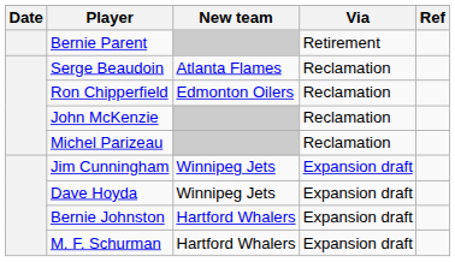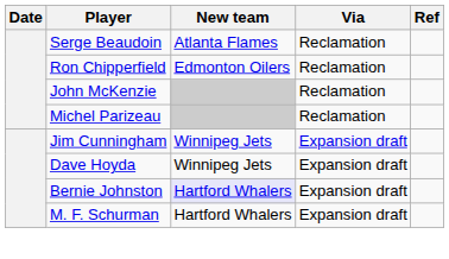 <table class="wikitable plainrowheaders">
 <tr style="background:#ddd; text-align:center;">
 <th>Date</th>
 <th>Player</th>
 <th>New team</th>
 <th>Via</th>
 <th>Ref</th>
-</tr>
-<tr>
-<th scope="row"></th>
-<td><a href='#'>Bernie Parent</a></td>
-<td style="background:#ccc"></td>
-<td>Retirement</td>
-<td></td>
 </tr>
 <tr>
 <th scope="row" rowspan="4"></th>
 <td><a href='#'>Serge Beaudoin</a></td>
 <td><a href='#'>Atlanta Flames</a></td>
 <td>Reclamation</td>
 <td></td>
 </tr>
 <tr>
 <td><a href='#'>Ron Chipperfield</a></td>
 <td><a href='#'>Edmonton Oilers</a></td>
 <td>Reclamation</td>
 <td></td>
 </tr>
 <tr>
 <td><a href='#'>John McKenzie</a></td>
 <td style="background:#ccc"></td>
 <td>Reclamation</td>
 <td></td>
 </tr>
 <tr>
 <td><a href='#'>Michel Parizeau</a></td>
 <td style="background:#ccc"></td>
 <td>Reclamation</td>
 <td></td>
 </tr>
 <tr>
 <th scope="row" rowspan="4"></th>
 <td><a href='#'>Jim Cunningham</a></td>
 <td><a href='#'>Winnipeg Jets</a></td>
 <td><a href='#'>Expansion draft</a></td>
 <td></td>
 </tr>
 <tr>
 <td><a href='#'>Dave Hoyda</a></td>
 <td>Winnipeg Jets</td>
 <td>Expansion draft</td>
 <td></td>
 </tr>
 <tr>
 <td><a href='#'>Bernie Johnston</a></td>
-<td><a href='#'>Hartford Whalers</a></td>
+<td style="background: lavender;"><a href='#'>Hartford Whalers</a></td>
 <td>Expansion draft</td>
 <td></td>
 </tr>
 <tr>
 <td><a href='#'>M. F. Schurman</a></td>
 <td>Hartford Whalers</td>
 <td>Expansion draft</td>
 <td></td>
 </tr>
 </table>
